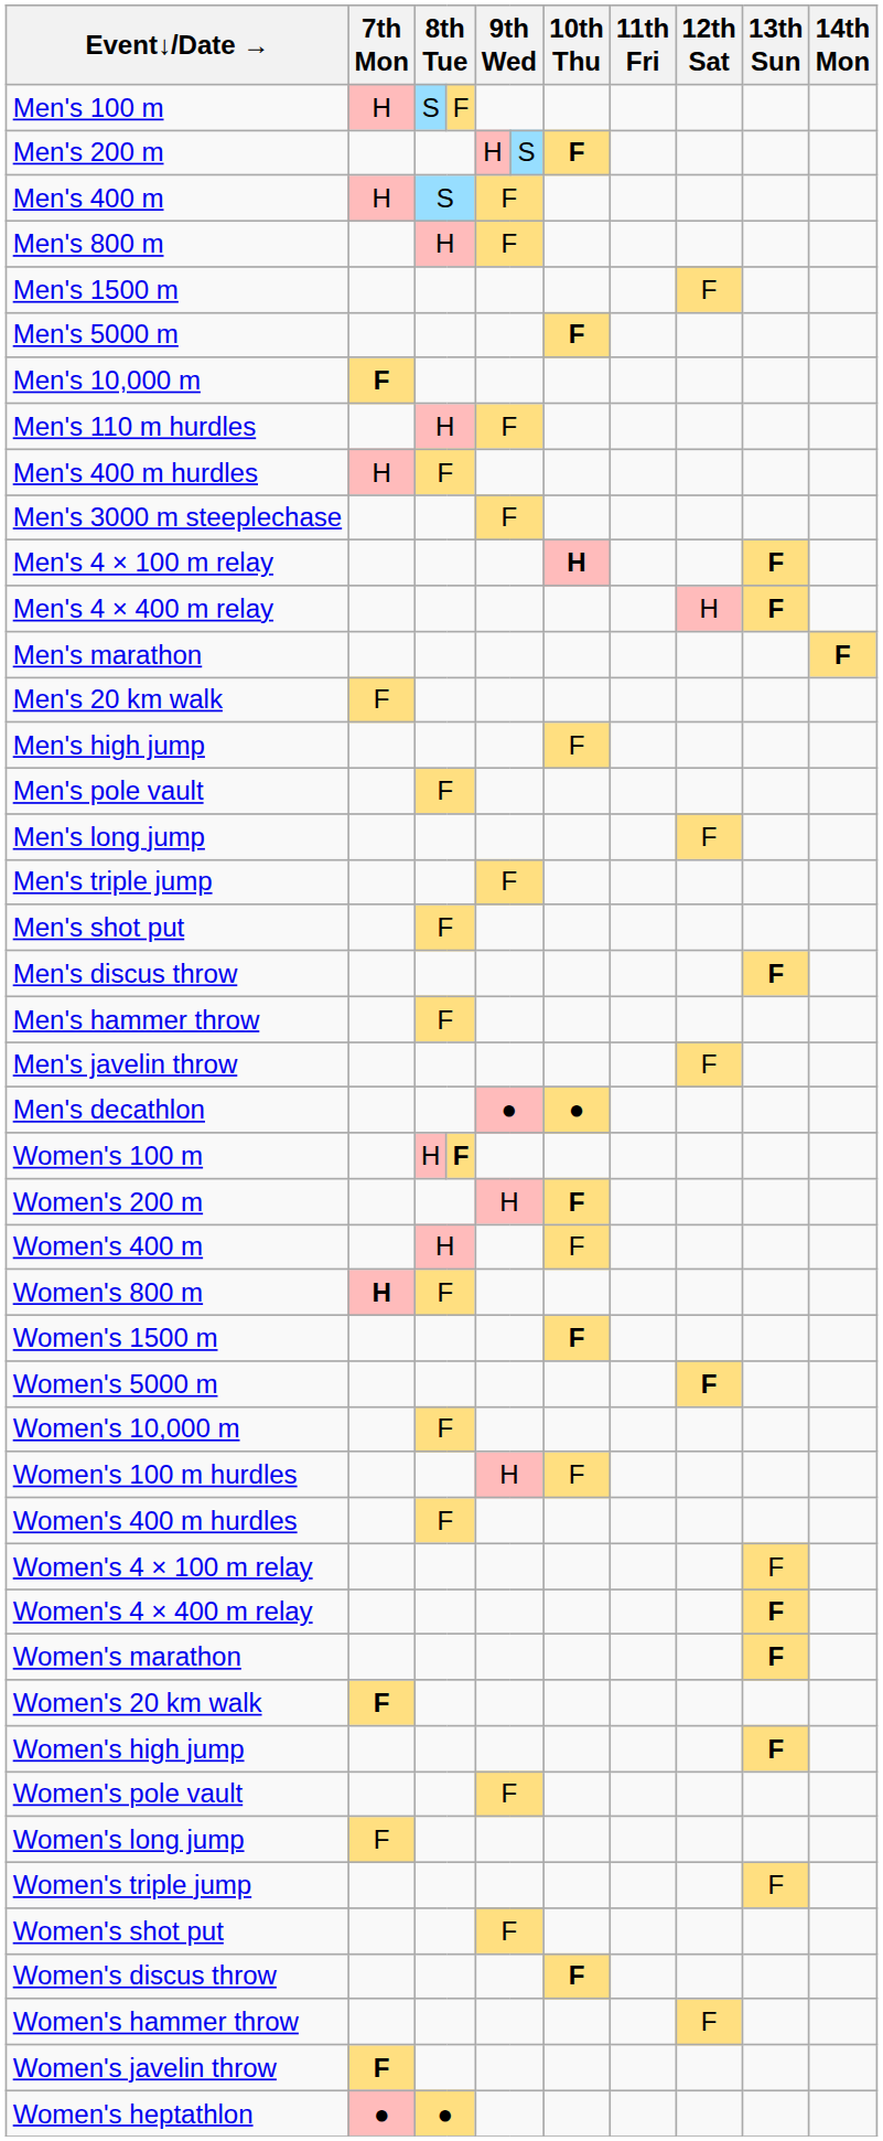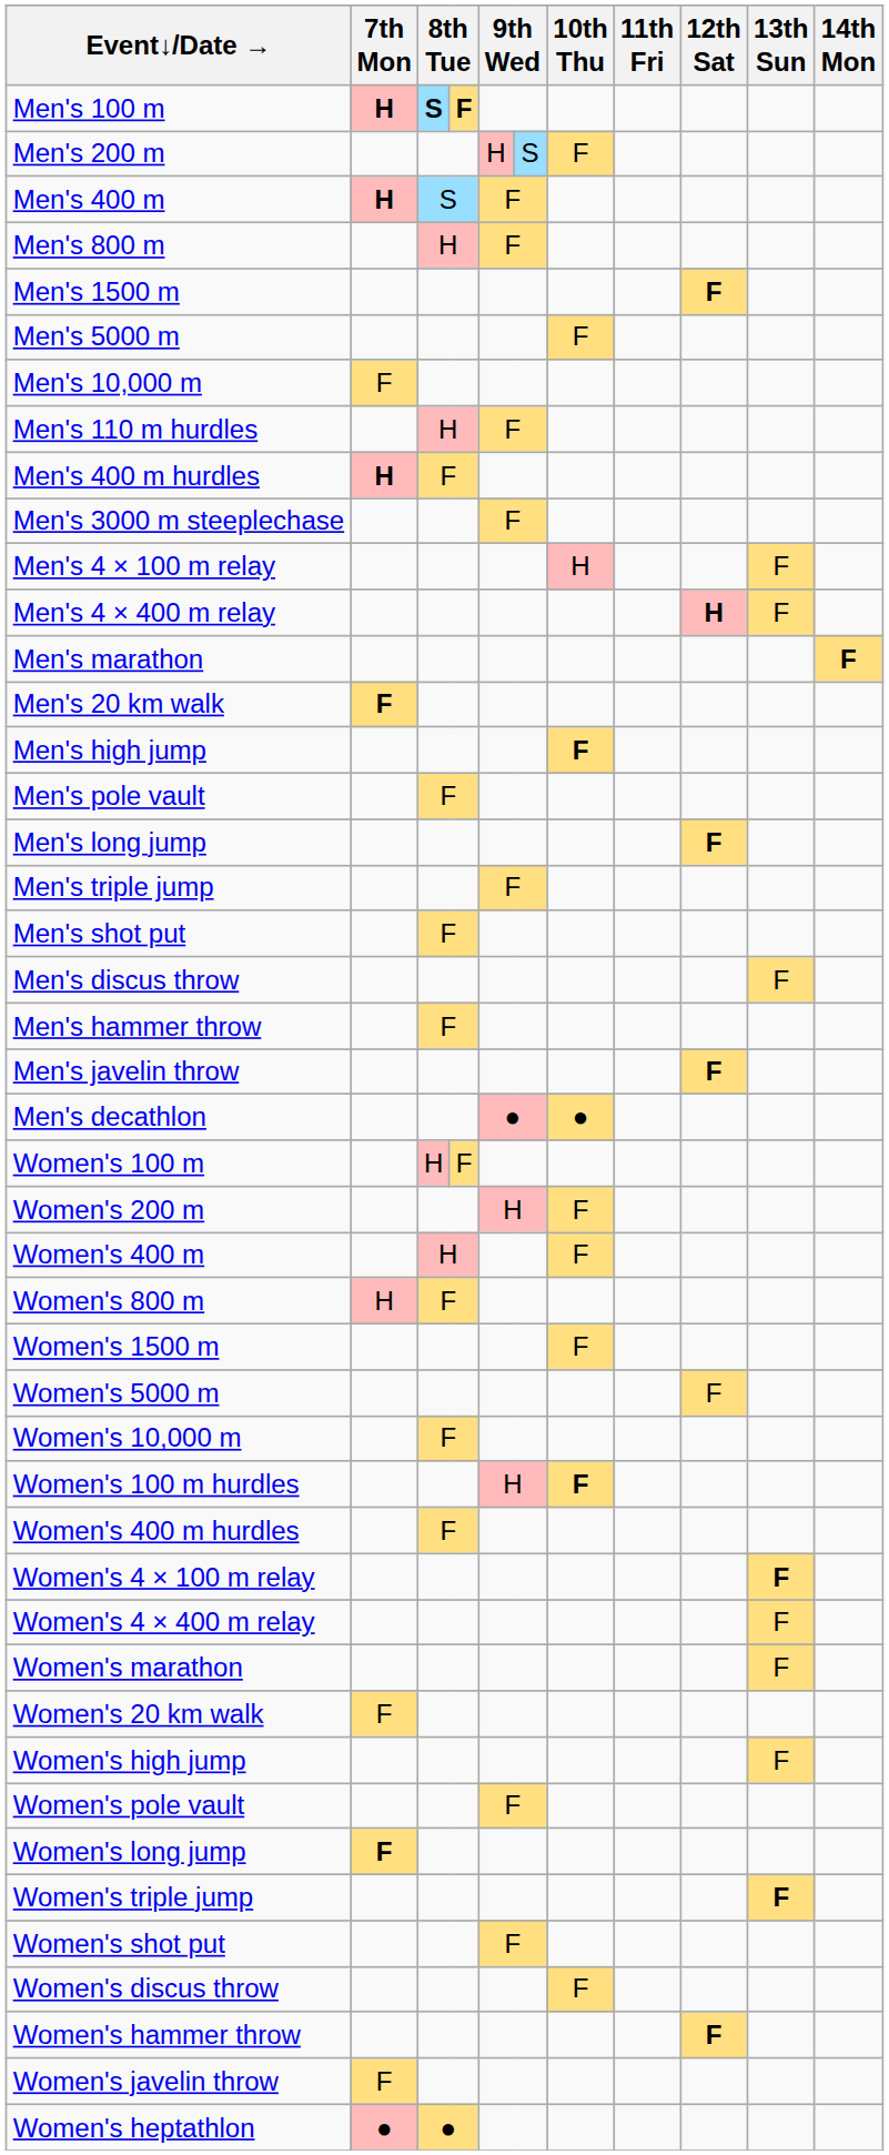 <table class="wikitable" style="margin:0.5em auto; font-size:90%; line-height:1.25em; text-align:center;">
 <tr>
 <th>Event↓/Date →</th>
 <th>7th<br>Mon</th>
 <th colspan=2>8th<br>Tue</th>
 <th colspan=2>9th<br>Wed</th>
 <th>10th<br>Thu</th>
 <th>11th<br>Fri</th>
 <th>12th<br>Sat</th>
 <th>13th<br>Sun</th>
 <th>14th<br>Mon</th>
 </tr>
 <tr>
 <td align="left"><a href='#'>Men's 100 m</a></td>
-<td bgcolor="#FFBBBB">H</td>
-<td bgcolor="#97DEFF">S</td>
-<td bgcolor="#FFDF80">F</td>
+<td bgcolor="#FFBBBB"><strong>H</strong></td>
+<td bgcolor="#97DEFF"><strong>S</strong></td>
+<td bgcolor="#FFDF80"><strong>F</strong></td>
 <td colspan=2></td>
 <td></td>
 <td></td>
 <td></td>
 <td></td>
 <td></td>
 </tr>
 <tr>
 <td align="left"><a href='#'>Men's 200 m</a></td>
 <td></td>
 <td colspan=2></td>
 <td bgcolor="#FFBBBB">H</td>
 <td bgcolor="#97DEFF">S</td>
-<td bgcolor="#FFDF80"><strong>F</strong></td>
+<td bgcolor="#FFDF80">F</td>
 <td></td>
 <td></td>
 <td></td>
 <td></td>
 </tr>
 <tr>
 <td align="left"><a href='#'>Men's 400 m</a></td>
-<td bgcolor="#FFBBBB">H</td>
+<td bgcolor="#FFBBBB"><strong>H</strong></td>
 <td colspan=2 bgcolor="#97DEFF">S</td>
 <td colspan=2 bgcolor="#FFDF80">F</td>
 <td></td>
 <td></td>
 <td></td>
 <td></td>
 <td></td>
 </tr>
 <tr>
 <td align="left"><a href='#'>Men's 800 m</a></td>
 <td></td>
 <td colspan=2 bgcolor="#FFBBBB">H</td>
 <td colspan=2 bgcolor="#FFDF80">F</td>
 <td></td>
 <td></td>
 <td></td>
 <td></td>
 <td></td>
 </tr>
 <tr>
 <td align="left"><a href='#'>Men's 1500 m</a></td>
 <td></td>
 <td colspan=2></td>
 <td colspan=2></td>
 <td></td>
 <td></td>
-<td bgcolor="#FFDF80">F</td>
+<td bgcolor="#FFDF80"><strong>F</strong></td>
 <td></td>
 <td></td>
 </tr>
 <tr>
 <td align="left"><a href='#'>Men's 5000 m</a></td>
 <td></td>
 <td colspan=2></td>
 <td colspan=2></td>
-<td bgcolor="#FFDF80"><strong>F</strong></td>
+<td bgcolor="#FFDF80">F</td>
 <td></td>
 <td></td>
 <td></td>
 <td></td>
 </tr>
 <tr>
 <td align="left"><a href='#'>Men's 10,000 m</a></td>
-<td bgcolor="#FFDF80"><strong>F</strong></td>
+<td bgcolor="#FFDF80">F</td>
 <td colspan=2></td>
 <td colspan=2></td>
 <td></td>
 <td></td>
 <td></td>
 <td></td>
 <td></td>
 </tr>
 <tr>
 <td align="left"><a href='#'>Men's 110 m hurdles</a></td>
 <td></td>
 <td colspan=2 bgcolor="#FFBBBB">H</td>
 <td colspan=2 bgcolor="#FFDF80">F</td>
 <td></td>
 <td></td>
 <td></td>
 <td></td>
 <td></td>
 </tr>
 <tr>
 <td align="left"><a href='#'>Men's 400 m hurdles</a></td>
-<td bgcolor="#FFBBBB">H</td>
+<td bgcolor="#FFBBBB"><strong>H</strong></td>
 <td colspan=2 bgcolor="#FFDF80">F</td>
 <td colspan=2></td>
 <td></td>
 <td></td>
 <td></td>
 <td></td>
 <td></td>
 </tr>
 <tr>
 <td align="left"><a href='#'>Men's 3000 m steeplechase</a></td>
 <td></td>
 <td colspan=2></td>
 <td colspan=2 bgcolor="#FFDF80">F</td>
 <td></td>
 <td></td>
 <td></td>
 <td></td>
 <td></td>
 </tr>
 <tr>
 <td align="left"><a href='#'>Men's 4 × 100 m relay</a></td>
 <td></td>
 <td colspan=2></td>
 <td colspan=2></td>
-<td bgcolor="#FFBBBB"><strong>H</strong></td>
+<td bgcolor="#FFBBBB">H</td>
 <td></td>
 <td></td>
-<td bgcolor="#FFDF80"><strong>F</strong></td>
+<td bgcolor="#FFDF80">F</td>
 <td></td>
 </tr>
 <tr>
 <td align="left"><a href='#'>Men's 4 × 400 m relay</a></td>
 <td></td>
 <td colspan=2></td>
 <td colspan=2></td>
 <td></td>
 <td></td>
-<td bgcolor="#FFBBBB">H</td>
-<td bgcolor="#FFDF80"><strong>F</strong></td>
+<td bgcolor="#FFBBBB"><strong>H</strong></td>
+<td bgcolor="#FFDF80">F</td>
 <td></td>
 </tr>
 <tr>
 <td align="left"><a href='#'>Men's marathon</a></td>
 <td></td>
 <td colspan=2></td>
 <td colspan=2></td>
 <td></td>
 <td></td>
 <td></td>
 <td></td>
 <td bgcolor="#FFDF80"><strong>F</strong></td>
 </tr>
 <tr>
 <td align="left"><a href='#'>Men's 20 km walk</a></td>
-<td bgcolor="#FFDF80">F</td>
+<td bgcolor="#FFDF80"><strong>F</strong></td>
 <td colspan=2></td>
 <td colspan=2></td>
 <td></td>
 <td></td>
 <td></td>
 <td></td>
 <td></td>
 </tr>
 <tr>
 <td align="left"><a href='#'>Men's high jump</a></td>
 <td></td>
 <td colspan=2></td>
 <td colspan=2></td>
-<td bgcolor="#FFDF80">F</td>
+<td bgcolor="#FFDF80"><strong>F</strong></td>
 <td></td>
 <td></td>
 <td></td>
 <td></td>
 </tr>
 <tr>
 <td align="left"><a href='#'>Men's pole vault</a></td>
 <td></td>
 <td colspan=2 bgcolor="#FFDF80">F</td>
 <td colspan=2></td>
 <td></td>
 <td></td>
 <td></td>
 <td></td>
 <td></td>
 </tr>
 <tr>
 <td align="left"><a href='#'>Men's long jump</a></td>
 <td></td>
 <td colspan=2></td>
 <td colspan=2></td>
 <td></td>
 <td></td>
-<td bgcolor="#FFDF80">F</td>
+<td bgcolor="#FFDF80"><strong>F</strong></td>
 <td></td>
 <td></td>
 </tr>
 <tr>
 <td align="left"><a href='#'>Men's triple jump</a></td>
 <td></td>
 <td colspan=2></td>
 <td colspan=2 bgcolor="#FFDF80">F</td>
 <td></td>
 <td></td>
 <td></td>
 <td></td>
 <td></td>
 </tr>
 <tr>
 <td align="left"><a href='#'>Men's shot put</a></td>
 <td></td>
 <td colspan=2 bgcolor="#FFDF80">F</td>
 <td colspan=2></td>
 <td></td>
 <td></td>
 <td></td>
 <td></td>
 <td></td>
 </tr>
 <tr>
 <td align="left"><a href='#'>Men's discus throw</a></td>
 <td></td>
 <td colspan=2></td>
 <td colspan=2></td>
 <td></td>
 <td></td>
 <td></td>
-<td bgcolor="#FFDF80"><strong>F</strong></td>
+<td bgcolor="#FFDF80">F</td>
 <td></td>
 </tr>
 <tr>
 <td align="left"><a href='#'>Men's hammer throw</a></td>
 <td></td>
 <td colspan=2 bgcolor="#FFDF80">F</td>
 <td colspan=2></td>
 <td></td>
 <td></td>
 <td></td>
 <td></td>
 <td></td>
 </tr>
 <tr>
 <td align="left"><a href='#'>Men's javelin throw</a></td>
 <td></td>
 <td colspan=2></td>
 <td colspan=2></td>
 <td></td>
 <td></td>
-<td bgcolor="#FFDF80">F</td>
+<td bgcolor="#FFDF80"><strong>F</strong></td>
 <td></td>
 <td></td>
 </tr>
 <tr>
 <td align="left"><a href='#'>Men's decathlon</a></td>
 <td></td>
 <td colspan=2></td>
 <td colspan=2 bgcolor="#FFBBBB">●</td>
 <td bgcolor="#FFDF80">●</td>
 <td></td>
 <td></td>
 <td></td>
 <td></td>
 </tr>
 <tr>
 <td align="left"><a href='#'>Women's 100 m</a></td>
 <td></td>
 <td bgcolor="#FFBBBB">H</td>
-<td bgcolor="#FFDF80"><strong>F</strong></td>
+<td bgcolor="#FFDF80">F</td>
 <td colspan=2></td>
 <td></td>
 <td></td>
 <td></td>
 <td></td>
 <td></td>
 </tr>
 <tr>
 <td align="left"><a href='#'>Women's 200 m</a></td>
 <td></td>
 <td colspan=2></td>
 <td colspan=2 bgcolor="#FFBBBB">H</td>
-<td bgcolor="#FFDF80"><strong>F</strong></td>
+<td bgcolor="#FFDF80">F</td>
 <td></td>
 <td></td>
 <td></td>
 <td></td>
 </tr>
 <tr>
 <td align="left"><a href='#'>Women's 400 m</a></td>
 <td></td>
 <td colspan=2 bgcolor="#FFBBBB">H</td>
 <td colspan=2></td>
 <td bgcolor="#FFDF80">F</td>
 <td></td>
 <td></td>
 <td></td>
 <td></td>
 </tr>
 <tr>
 <td align="left"><a href='#'>Women's 800 m</a></td>
-<td bgcolor="#FFBBBB"><strong>H</strong></td>
+<td bgcolor="#FFBBBB">H</td>
 <td colspan=2 bgcolor="#FFDF80">F</td>
 <td colspan=2></td>
 <td></td>
 <td></td>
 <td></td>
 <td></td>
 <td></td>
 </tr>
 <tr>
 <td align="left"><a href='#'>Women's 1500 m</a></td>
 <td></td>
 <td colspan=2></td>
 <td colspan=2></td>
-<td bgcolor="#FFDF80"><strong>F</strong></td>
+<td bgcolor="#FFDF80">F</td>
 <td></td>
 <td></td>
 <td></td>
 <td></td>
 </tr>
 <tr>
 <td align="left"><a href='#'>Women's 5000 m</a></td>
 <td></td>
 <td colspan=2></td>
 <td colspan=2></td>
 <td></td>
 <td></td>
-<td bgcolor="#FFDF80"><strong>F</strong></td>
+<td bgcolor="#FFDF80">F</td>
 <td></td>
 <td></td>
 </tr>
 <tr>
 <td align="left"><a href='#'>Women's 10,000 m</a></td>
 <td></td>
 <td colspan=2 bgcolor="#FFDF80">F</td>
 <td colspan=2></td>
 <td></td>
 <td></td>
 <td></td>
 <td></td>
 <td></td>
 </tr>
 <tr>
 <td align="left"><a href='#'>Women's 100 m hurdles</a></td>
 <td></td>
 <td colspan=2></td>
 <td colspan=2 bgcolor="#FFBBBB">H</td>
-<td bgcolor="#FFDF80">F</td>
+<td bgcolor="#FFDF80"><strong>F</strong></td>
 <td></td>
 <td></td>
 <td></td>
 <td></td>
 </tr>
 <tr>
 <td align="left"><a href='#'>Women's 400 m hurdles</a></td>
 <td></td>
 <td colspan=2 bgcolor="#FFDF80">F</td>
 <td colspan=2></td>
 <td></td>
 <td></td>
 <td></td>
 <td></td>
 <td></td>
 </tr>
 <tr>
 <td align="left"><a href='#'>Women's 4 × 100 m relay</a></td>
 <td></td>
 <td colspan=2></td>
 <td colspan=2></td>
 <td></td>
 <td></td>
 <td></td>
-<td bgcolor="#FFDF80">F</td>
+<td bgcolor="#FFDF80"><strong>F</strong></td>
 <td></td>
 </tr>
 <tr>
 <td align="left"><a href='#'>Women's 4 × 400 m relay</a></td>
 <td></td>
 <td colspan=2></td>
 <td colspan=2></td>
 <td></td>
 <td></td>
 <td></td>
-<td bgcolor="#FFDF80"><strong>F</strong></td>
+<td bgcolor="#FFDF80">F</td>
 <td></td>
 </tr>
 <tr>
 <td align="left"><a href='#'>Women's marathon</a></td>
 <td></td>
 <td colspan=2></td>
 <td colspan=2></td>
 <td></td>
 <td></td>
 <td></td>
-<td bgcolor="#FFDF80"><strong>F</strong></td>
+<td bgcolor="#FFDF80">F</td>
 <td></td>
 </tr>
 <tr>
 <td align="left"><a href='#'>Women's 20 km walk</a></td>
-<td bgcolor="#FFDF80"><strong>F</strong></td>
+<td bgcolor="#FFDF80">F</td>
 <td colspan=2></td>
 <td colspan=2></td>
 <td></td>
 <td></td>
 <td></td>
 <td></td>
 <td></td>
 </tr>
 <tr>
 <td align="left"><a href='#'>Women's high jump</a></td>
 <td></td>
 <td colspan=2></td>
 <td colspan=2></td>
 <td></td>
 <td></td>
 <td></td>
-<td bgcolor="#FFDF80"><strong>F</strong></td>
+<td bgcolor="#FFDF80">F</td>
 <td></td>
 </tr>
 <tr>
 <td align="left"><a href='#'>Women's pole vault</a></td>
 <td></td>
 <td colspan=2></td>
 <td colspan=2 bgcolor="#FFDF80">F</td>
 <td></td>
 <td></td>
 <td></td>
 <td></td>
 <td></td>
 </tr>
 <tr>
 <td align="left"><a href='#'>Women's long jump</a></td>
-<td bgcolor="#FFDF80">F</td>
+<td bgcolor="#FFDF80"><strong>F</strong></td>
 <td colspan=2></td>
 <td colspan=2></td>
 <td></td>
 <td></td>
 <td></td>
 <td></td>
 <td></td>
 </tr>
 <tr>
 <td align="left"><a href='#'>Women's triple jump</a></td>
 <td></td>
 <td colspan=2></td>
 <td colspan=2></td>
 <td></td>
 <td></td>
 <td></td>
-<td bgcolor="#FFDF80">F</td>
+<td bgcolor="#FFDF80"><strong>F</strong></td>
 <td></td>
 </tr>
 <tr>
 <td align="left"><a href='#'>Women's shot put</a></td>
 <td></td>
 <td colspan=2></td>
 <td colspan=2 bgcolor="#FFDF80">F</td>
 <td></td>
 <td></td>
 <td></td>
 <td></td>
 <td></td>
 </tr>
 <tr>
 <td align="left"><a href='#'>Women's discus throw</a></td>
 <td></td>
 <td colspan=2></td>
 <td colspan=2></td>
-<td bgcolor="#FFDF80"><strong>F</strong></td>
+<td bgcolor="#FFDF80">F</td>
 <td></td>
 <td></td>
 <td></td>
 <td></td>
 </tr>
 <tr>
 <td align="left"><a href='#'>Women's hammer throw</a></td>
 <td></td>
 <td colspan=2></td>
 <td colspan=2></td>
 <td></td>
 <td></td>
-<td bgcolor="#FFDF80">F</td>
+<td bgcolor="#FFDF80"><strong>F</strong></td>
 <td></td>
 <td></td>
 </tr>
 <tr>
 <td align="left"><a href='#'>Women's javelin throw</a></td>
-<td bgcolor="#FFDF80"><strong>F</strong></td>
+<td bgcolor="#FFDF80">F</td>
 <td colspan=2></td>
 <td colspan=2></td>
 <td></td>
 <td></td>
 <td></td>
 <td></td>
 <td></td>
 </tr>
 <tr>
 <td align="left"><a href='#'>Women's heptathlon</a></td>
 <td bgcolor="#FFBBBB">●</td>
 <td colspan=2 bgcolor="#FFDF80">●</td>
 <td colspan=2></td>
 <td></td>
 <td></td>
 <td></td>
 <td></td>
 <td></td>
 </tr>
 </table>
